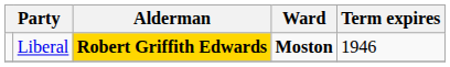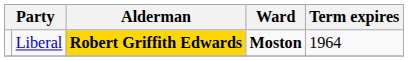 <table class="wikitable">
 <tr>
 <th colspan="2">Party</th>
 <th>Alderman</th>
 <th>Ward</th>
 <th>Term expires</th>
 </tr>
 <tr>
 <td style="background-color:"></td>
 <td><a href='#'>Liberal</a></td>
 <td style="background: gold;"><strong>Robert Griffith Edwards</strong></td>
 <td><strong>Moston</strong></td>
-<td>1946</td>
+<td>1964</td>
 </tr>
 <tr>
 </tr>
 </table>
